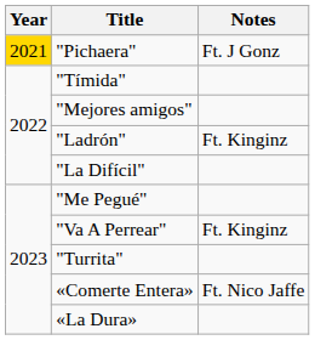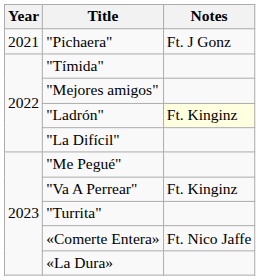 <table class="wikitable">
 <tr>
 <th>Year</th>
 <th>Title</th>
 <th>Notes</th>
 </tr>
 <tr>
-<td style="background: gold;">2021</td>
+<td>2021</td>
 <td>"Pichaera"</td>
 <td>Ft. J Gonz</td>
 </tr>
 <tr>
 <td rowspan="4">2022</td>
 <td>"Tímida"</td>
 <td></td>
 </tr>
 <tr>
 <td>"Mejores amigos"</td>
 <td></td>
 </tr>
 <tr>
 <td>"Ladrón"</td>
-<td>Ft. Kinginz</td>
+<td style="background: lightyellow;">Ft. Kinginz</td>
 </tr>
 <tr>
 <td>"La Difícil"</td>
 <td></td>
 </tr>
 <tr>
 <td rowspan="5">2023</td>
 <td>"Me Pegué"</td>
 <td></td>
 </tr>
 <tr>
 <td>"Va A Perrear"</td>
 <td>Ft. Kinginz</td>
 </tr>
 <tr>
 <td>"Turrita"</td>
 <td></td>
 </tr>
 <tr>
 <td>«Comerte Entera»</td>
 <td>Ft. Nico Jaffe</td>
 </tr>
 <tr>
 <td>«La Dura»</td>
 <td></td>
 </tr>
 </table>
